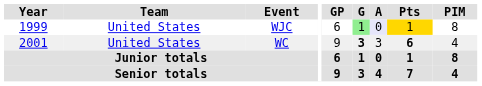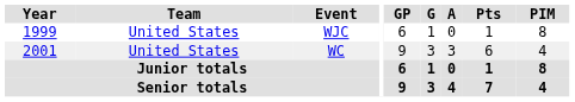 <table border="0" cellpadding="1" cellspacing="0" style="text-align:center; width:40em">
 <tr bgcolor="#e0e0e0">
 <th>Year</th>
 <th>Team</th>
 <th>Event</th>
 <th rowspan="99" bgcolor="#ffffff"></th>
 <th>GP</th>
 <th>G</th>
 <th>A</th>
 <th>Pts</th>
 <th>PIM</th>
 </tr>
 <tr>
 <td><a href='#'>1999</a></td>
 <td><a href='#'>United States</a></td>
 <td><a href='#'>WJC</a></td>
 <td>6</td>
-<td style="background: lightgreen;">1</td>
-<td style="background: lavender;">0</td>
-<td style="background: gold;">1</td>
+<td>1</td>
+<td>0</td>
+<td>1</td>
 <td>8</td>
 </tr>
 <tr bgcolor="#f0f0f0">
 <td><a href='#'>2001</a></td>
 <td><a href='#'>United States</a></td>
 <td><a href='#'>WC</a></td>
 <td>9</td>
-<td><strong>3</strong></td>
 <td>3</td>
-<td><strong>6</strong></td>
+<td>3</td>
+<td>6</td>
 <td>4</td>
 </tr>
 <tr bgcolor="#e0e0e0">
 <th colspan="3">Junior totals</th>
 <th>6</th>
 <th>1</th>
 <th>0</th>
 <th>1</th>
 <th>8</th>
 </tr>
 <tr bgcolor="#e0e0e0">
 <th colspan="3">Senior totals</th>
 <th>9</th>
 <th>3</th>
 <th>4</th>
 <th>7</th>
 <th>4</th>
 </tr>
 </table>
